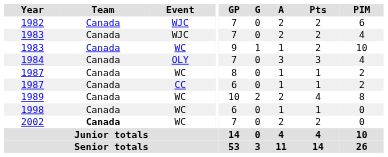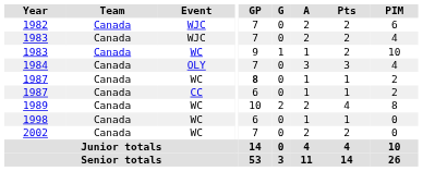 <table border="0" cellpadding="1" cellspacing="0" ID="Table3" style="text-align:center; width:40em">
 <tr bgcolor="#e0e0e0">
 <th>Year</th>
 <th>Team</th>
 <th>Event</th>
 <th rowspan="102" bgcolor="#ffffff"></th>
 <th>GP</th>
 <th>G</th>
 <th>A</th>
 <th>Pts</th>
 <th>PIM</th>
 </tr>
 <tr>
 <td><a href='#'>1982</a></td>
 <td><a href='#'>Canada</a></td>
 <td><a href='#'>WJC</a></td>
 <td>7</td>
 <td>0</td>
 <td>2</td>
 <td>2</td>
 <td>6</td>
 </tr>
 <tr bgcolor="#f0f0f0">
 <td><a href='#'>1983</a></td>
 <td>Canada</td>
 <td>WJC</td>
 <td>7</td>
 <td>0</td>
 <td>2</td>
 <td>2</td>
 <td>4</td>
 </tr>
 <tr>
 <td><a href='#'>1983</a></td>
 <td><a href='#'>Canada</a></td>
 <td><a href='#'>WC</a></td>
 <td>9</td>
 <td>1</td>
 <td>1</td>
 <td>2</td>
 <td>10</td>
 </tr>
 <tr bgcolor="#f0f0f0">
 <td><a href='#'>1984</a></td>
 <td>Canada</td>
 <td><a href='#'>OLY</a></td>
 <td>7</td>
 <td>0</td>
 <td>3</td>
 <td>3</td>
 <td>4</td>
 </tr>
 <tr>
 <td><a href='#'>1987</a></td>
 <td>Canada</td>
 <td>WC</td>
-<td>8</td>
+<td><strong>8</strong></td>
 <td>0</td>
 <td>1</td>
 <td>1</td>
 <td>2</td>
 </tr>
 <tr bgcolor="#f0f0f0">
 <td><a href='#'>1987</a></td>
 <td>Canada</td>
 <td><a href='#'>CC</a></td>
 <td>6</td>
 <td>0</td>
 <td>1</td>
 <td>1</td>
 <td>2</td>
 </tr>
 <tr>
 <td><a href='#'>1989</a></td>
 <td>Canada</td>
 <td>WC</td>
 <td>10</td>
 <td>2</td>
 <td>2</td>
 <td>4</td>
 <td>8</td>
 </tr>
 <tr bgcolor="#f0f0f0">
 <td><a href='#'>1998</a></td>
 <td>Canada</td>
 <td>WC</td>
 <td>6</td>
 <td>0</td>
 <td>1</td>
 <td>1</td>
 <td>0</td>
 </tr>
 <tr>
 <td><a href='#'>2002</a></td>
-<td><strong>Canada</strong></td>
+<td>Canada</td>
 <td>WC</td>
 <td>7</td>
 <td>0</td>
 <td>2</td>
 <td>2</td>
 <td>0</td>
 </tr>
 <tr bgcolor="#e0e0e0">
 <th colspan="4">Junior totals</th>
 <th>14</th>
 <th>0</th>
 <th>4</th>
 <th>4</th>
 <th>10</th>
 </tr>
 <tr bgcolor="#e0e0e0">
 <th colspan="4">Senior totals</th>
 <th>53</th>
 <th>3</th>
 <th>11</th>
 <th>14</th>
 <th>26</th>
 </tr>
 </table>
